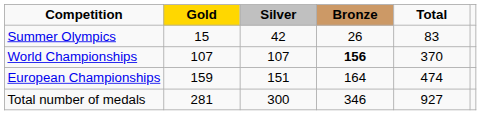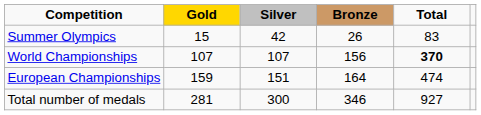 <table class="wikitable" style="text-align:center">
 <tr>
 <td><strong>Competition</strong></td>
 <td width=85 align=center bgcolor=gold><strong>Gold</strong></td>
 <td width=85 align=center bgcolor=silver><strong>Silver</strong></td>
 <td width=85 align=center bgcolor=cc9966><strong>Bronze</strong></td>
 <td width=85 align=center><strong>Total</strong></td>
 </tr>
 <tr>
 <td align=left><a href='#'>Summer Olympics</a></td>
 <td>15</td>
 <td>42</td>
 <td>26</td>
 <td>83</td>
 <td></td>
 </tr>
 <tr>
 <td align=left><a href='#'>World Championships</a></td>
 <td>107</td>
 <td>107</td>
-<td><strong>156</strong></td>
-<td>370</td>
+<td>156</td>
+<td><strong>370</strong></td>
 <td></td>
 </tr>
 <tr>
 <td align=left><a href='#'>European Championships</a></td>
 <td>159</td>
 <td>151</td>
 <td>164</td>
 <td>474</td>
 <td></td>
 </tr>
 <tr>
 <td align=left>Total number of medals</td>
 <td>281</td>
 <td>300</td>
 <td>346</td>
 <td>927</td>
 <td></td>
 </tr>
 </table>
